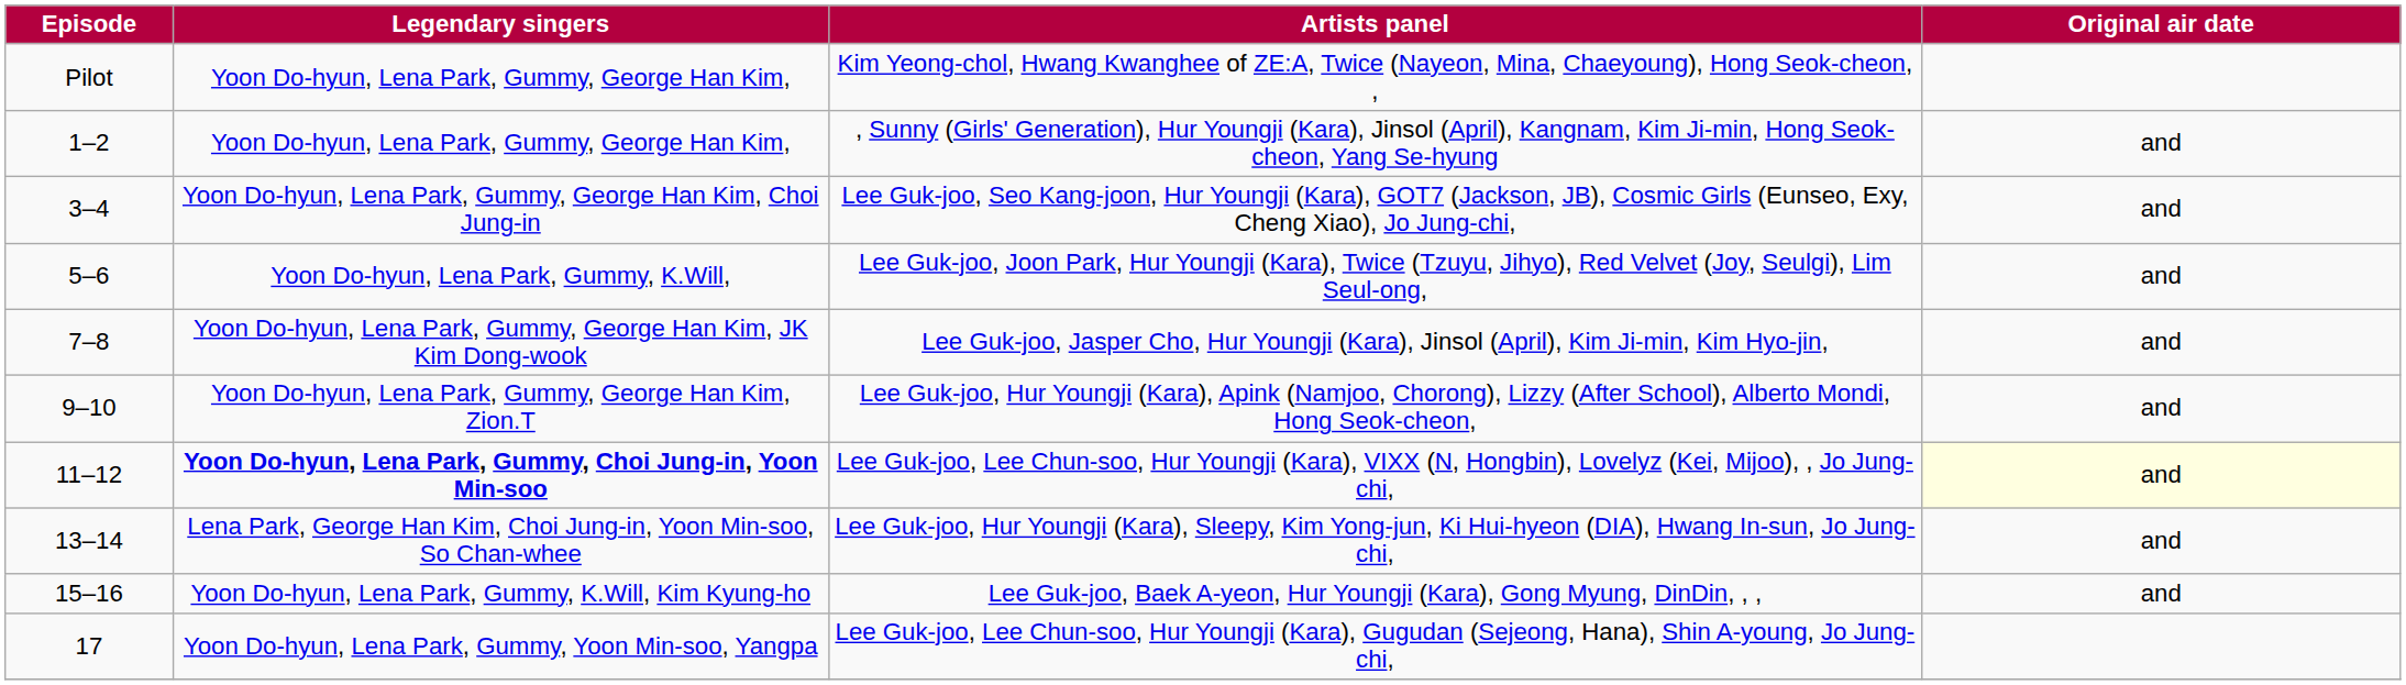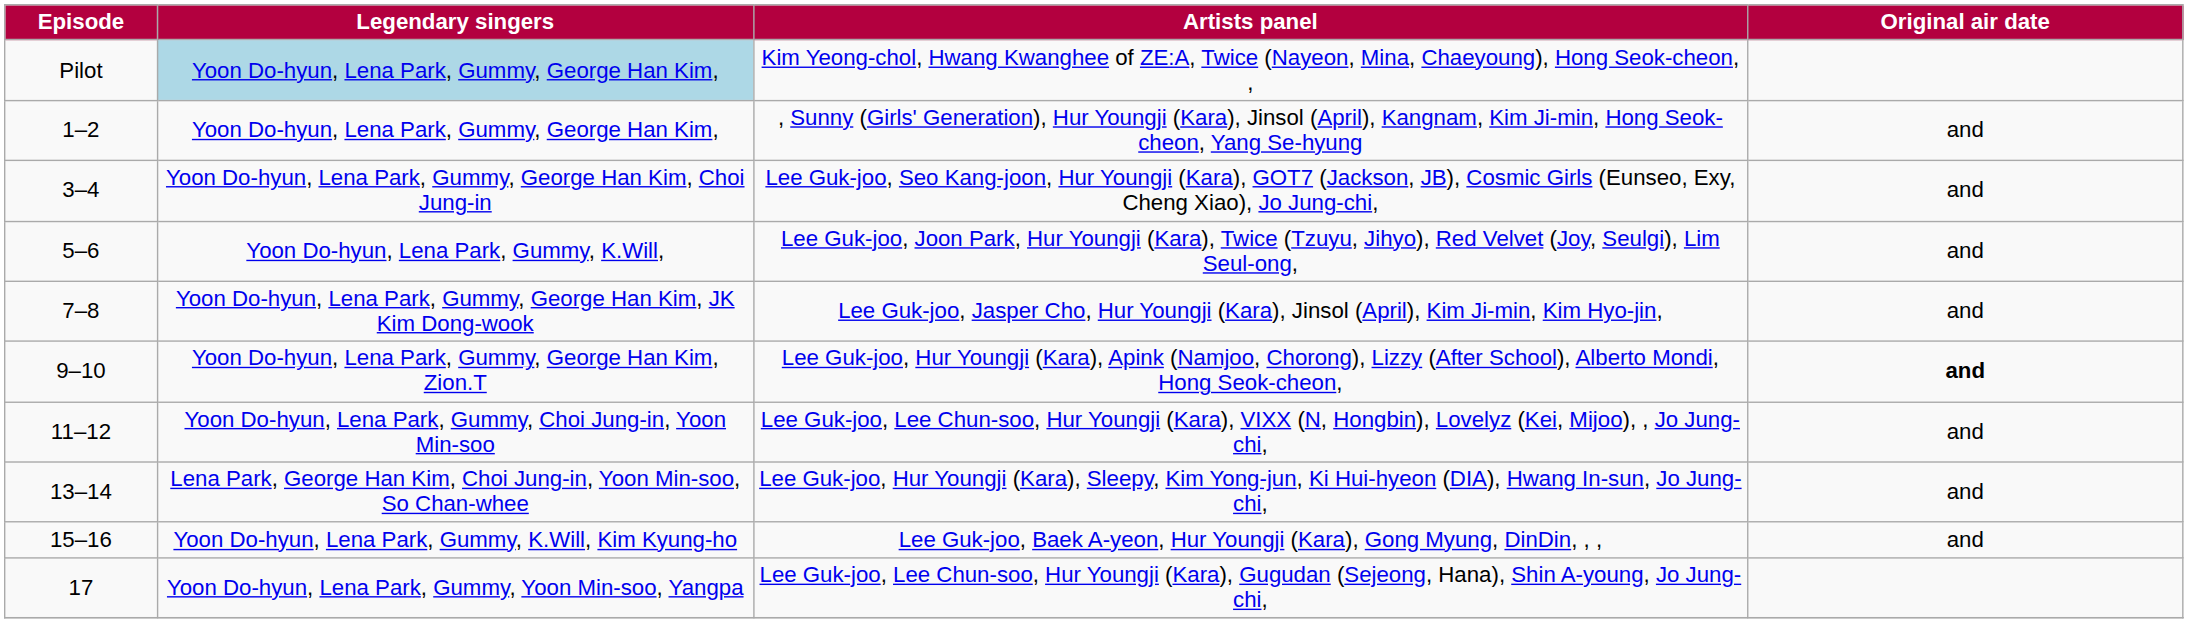 <table class="wikitable plainrowheaders" style="text-align:center;width:99%;">
 <tr>
 <th scope="col" style="background-color: #B3003F; color: #FFFFFF;" width=7%>Episode</th>
 <th scope="col" style="background-color: #B3003F; color: #FFFFFF;">Legendary singers</th>
 <th scope="col" style="background-color: #B3003F; color: #FFFFFF;">Artists panel</th>
 <th scope="col" style="background-color: #B3003F; color: #FFFFFF;" width=20%>Original air date</th>
 </tr>
 <tr>
 <td>Pilot</td>
-<td><a href='#'>Yoon Do-hyun</a>, <a href='#'>Lena Park</a>, <a href='#'>Gummy</a>, <a href='#'>George Han Kim</a>, </td>
+<td style="background: lightblue;"><a href='#'>Yoon Do-hyun</a>, <a href='#'>Lena Park</a>, <a href='#'>Gummy</a>, <a href='#'>George Han Kim</a>, </td>
 <td><a href='#'>Kim Yeong-chol</a>, <a href='#'>Hwang Kwanghee</a> of <a href='#'>ZE:A</a>, <a href='#'>Twice</a> (<a href='#'>Nayeon</a>, <a href='#'>Mina</a>, <a href='#'>Chaeyoung</a>), <a href='#'>Hong Seok-cheon</a>, , </td>
 <td></td>
 </tr>
 <tr>
 <td>1–2</td>
 <td><a href='#'>Yoon Do-hyun</a>, <a href='#'>Lena Park</a>, <a href='#'>Gummy</a>, <a href='#'>George Han Kim</a>, </td>
 <td>, <a href='#'>Sunny</a> (<a href='#'>Girls' Generation</a>), <a href='#'>Hur Youngji</a> (<a href='#'>Kara</a>), Jinsol (<a href='#'>April</a>), <a href='#'>Kangnam</a>, <a href='#'>Kim Ji-min</a>, <a href='#'>Hong Seok-cheon</a>, <a href='#'>Yang Se-hyung</a></td>
 <td> and </td>
 </tr>
 <tr>
 <td>3–4</td>
 <td><a href='#'>Yoon Do-hyun</a>, <a href='#'>Lena Park</a>, <a href='#'>Gummy</a>, <a href='#'>George Han Kim</a>, <a href='#'>Choi Jung-in</a></td>
 <td><a href='#'>Lee Guk-joo</a>, <a href='#'>Seo Kang-joon</a>, <a href='#'>Hur Youngji</a> (<a href='#'>Kara</a>), <a href='#'>GOT7</a> (<a href='#'>Jackson</a>, <a href='#'>JB</a>), <a href='#'>Cosmic Girls</a> (Eunseo, Exy, Cheng Xiao), <a href='#'>Jo Jung-chi</a>, </td>
 <td> and </td>
 </tr>
 <tr>
 <td>5–6</td>
 <td><a href='#'>Yoon Do-hyun</a>, <a href='#'>Lena Park</a>, <a href='#'>Gummy</a>, <a href='#'>K.Will</a>, </td>
 <td><a href='#'>Lee Guk-joo</a>, <a href='#'>Joon Park</a>, <a href='#'>Hur Youngji</a> (<a href='#'>Kara</a>), <a href='#'>Twice</a> (<a href='#'>Tzuyu</a>, <a href='#'>Jihyo</a>), <a href='#'>Red Velvet</a> (<a href='#'>Joy</a>, <a href='#'>Seulgi</a>), <a href='#'>Lim Seul-ong</a>, </td>
 <td> and </td>
 </tr>
 <tr>
 <td>7–8</td>
 <td><a href='#'>Yoon Do-hyun</a>, <a href='#'>Lena Park</a>, <a href='#'>Gummy</a>, <a href='#'>George Han Kim</a>, <a href='#'>JK Kim Dong-wook</a></td>
 <td><a href='#'>Lee Guk-joo</a>, <a href='#'>Jasper Cho</a>, <a href='#'>Hur Youngji</a> (<a href='#'>Kara</a>), Jinsol (<a href='#'>April</a>), <a href='#'>Kim Ji-min</a>, <a href='#'>Kim Hyo-jin</a>, </td>
 <td> and </td>
 </tr>
 <tr>
 <td>9–10</td>
 <td><a href='#'>Yoon Do-hyun</a>, <a href='#'>Lena Park</a>, <a href='#'>Gummy</a>, <a href='#'>George Han Kim</a>, <a href='#'>Zion.T</a></td>
 <td><a href='#'>Lee Guk-joo</a>, <a href='#'>Hur Youngji</a> (<a href='#'>Kara</a>), <a href='#'>Apink</a> (<a href='#'>Namjoo</a>, <a href='#'>Chorong</a>), <a href='#'>Lizzy</a> (<a href='#'>After School</a>), <a href='#'>Alberto Mondi</a>, <a href='#'>Hong Seok-cheon</a>, </td>
-<td> and </td>
+<td><strong> and </strong></td>
 </tr>
 <tr>
 <td>11–12</td>
-<td><strong><a href='#'>Yoon Do-hyun</a>, <a href='#'>Lena Park</a>, <a href='#'>Gummy</a>, <a href='#'>Choi Jung-in</a>, <a href='#'>Yoon Min-soo</a></strong></td>
+<td><a href='#'>Yoon Do-hyun</a>, <a href='#'>Lena Park</a>, <a href='#'>Gummy</a>, <a href='#'>Choi Jung-in</a>, <a href='#'>Yoon Min-soo</a></td>
 <td><a href='#'>Lee Guk-joo</a>, <a href='#'>Lee Chun-soo</a>, <a href='#'>Hur Youngji</a> (<a href='#'>Kara</a>), <a href='#'>VIXX</a> (<a href='#'>N</a>, <a href='#'>Hongbin</a>), <a href='#'>Lovelyz</a> (<a href='#'>Kei</a>, <a href='#'>Mijoo</a>), , <a href='#'>Jo Jung-chi</a>, </td>
-<td style="background: lightyellow;"> and </td>
+<td> and </td>
 </tr>
 <tr>
 <td>13–14</td>
 <td><a href='#'>Lena Park</a>, <a href='#'>George Han Kim</a>, <a href='#'>Choi Jung-in</a>, <a href='#'>Yoon Min-soo</a>, <a href='#'>So Chan-whee</a></td>
 <td><a href='#'>Lee Guk-joo</a>, <a href='#'>Hur Youngji</a> (<a href='#'>Kara</a>), <a href='#'>Sleepy</a>, <a href='#'>Kim Yong-jun</a>, <a href='#'>Ki Hui-hyeon</a> (<a href='#'>DIA</a>), <a href='#'>Hwang In-sun</a>, <a href='#'>Jo Jung-chi</a>, </td>
 <td> and </td>
 </tr>
 <tr>
 <td>15–16</td>
 <td><a href='#'>Yoon Do-hyun</a>, <a href='#'>Lena Park</a>, <a href='#'>Gummy</a>, <a href='#'>K.Will</a>, <a href='#'>Kim Kyung-ho</a></td>
 <td><a href='#'>Lee Guk-joo</a>, <a href='#'>Baek A-yeon</a>, <a href='#'>Hur Youngji</a> (<a href='#'>Kara</a>), <a href='#'>Gong Myung</a>, <a href='#'>DinDin</a>, , , </td>
 <td> and </td>
 </tr>
 <tr>
 <td>17</td>
 <td><a href='#'>Yoon Do-hyun</a>, <a href='#'>Lena Park</a>, <a href='#'>Gummy</a>, <a href='#'>Yoon Min-soo</a>, <a href='#'>Yangpa</a></td>
 <td><a href='#'>Lee Guk-joo</a>, <a href='#'>Lee Chun-soo</a>, <a href='#'>Hur Youngji</a> (<a href='#'>Kara</a>), <a href='#'>Gugudan</a> (<a href='#'>Sejeong</a>, Hana), <a href='#'>Shin A-young</a>, <a href='#'>Jo Jung-chi</a>, </td>
 <td></td>
 </tr>
 <tr>
 </tr>
 </table>
